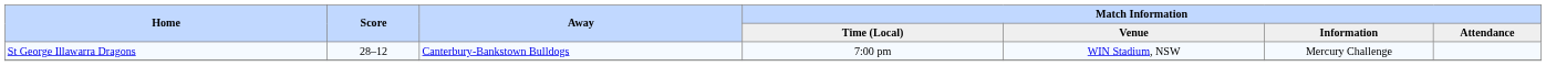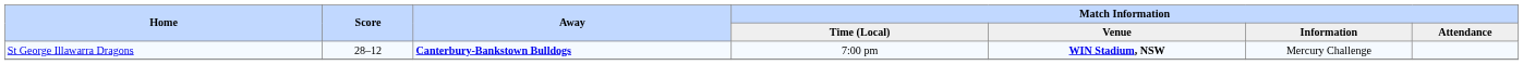 <table border="1" cellpadding="3" cellspacing="0" style="border-collapse:collapse; font-size:90%; width:100%;">
 <tr style="background:#c1d8ff;">
 <th rowspan="2" style="width:21%;">Home</th>
 <th rowspan="2" style="width:6%;">Score</th>
 <th rowspan="2" style="width:21%;">Away</th>
 <th colspan=6>Match Information</th>
 </tr>
 <tr style="background:#efefef;">
 <th width=17%>Time (Local)</th>
 <th width=17%>Venue</th>
 <th width=11%>Information</th>
 <th width=7%>Attendance</th>
 </tr>
 <tr style="text-align:center; background:#f5faff;">
 <td align=left> <a href='#'>St George Illawarra Dragons</a></td>
 <td>28–12</td>
-<td align=left> <a href='#'>Canterbury-Bankstown Bulldogs</a></td>
+<td align=left><strong> <a href='#'>Canterbury-Bankstown Bulldogs</a></strong></td>
 <td>7:00 pm</td>
-<td><a href='#'>WIN Stadium</a>, NSW</td>
+<td><strong><a href='#'>WIN Stadium</a>, NSW</strong></td>
 <td>Mercury Challenge</td>
 <td></td>
 </tr>
 <tr style="text-align:center; background:#f5faff;">
 </tr>
 </table>
